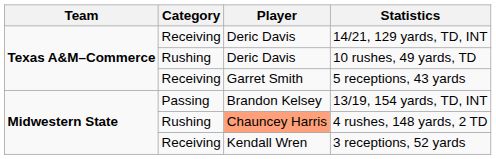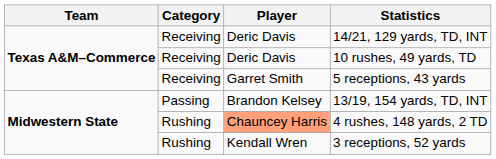 <table class="wikitable" style="float: left;">
 <tr>
 <th>Team</th>
 <th>Category</th>
 <th>Player</th>
 <th>Statistics</th>
 </tr>
 <tr>
 <td rowspan=3><strong>Texas A&M–Commerce</strong></td>
 <td>Receiving</td>
 <td>Deric Davis</td>
 <td>14/21, 129 yards, TD, INT</td>
 </tr>
 <tr>
-<td>Rushing</td>
+<td>Receiving</td>
 <td>Deric Davis</td>
 <td>10 rushes, 49 yards, TD</td>
 </tr>
 <tr>
 <td>Receiving</td>
 <td>Garret Smith</td>
 <td>5 receptions, 43 yards</td>
 </tr>
 <tr>
 <td rowspan=3><strong>Midwestern State</strong></td>
 <td>Passing</td>
 <td>Brandon Kelsey</td>
 <td>13/19, 154 yards, TD, INT</td>
 </tr>
 <tr>
 <td>Rushing</td>
 <td style="background: lightsalmon;">Chauncey Harris</td>
 <td>4 rushes, 148 yards, 2 TD</td>
 </tr>
 <tr>
-<td>Receiving</td>
+<td>Rushing</td>
 <td>Kendall Wren</td>
 <td>3 receptions, 52 yards</td>
 </tr>
 </table>
